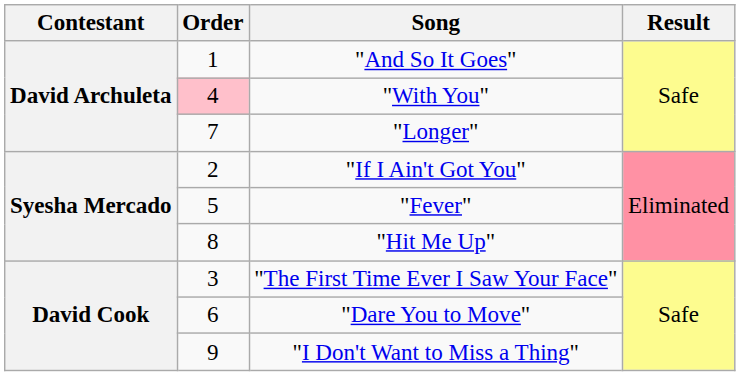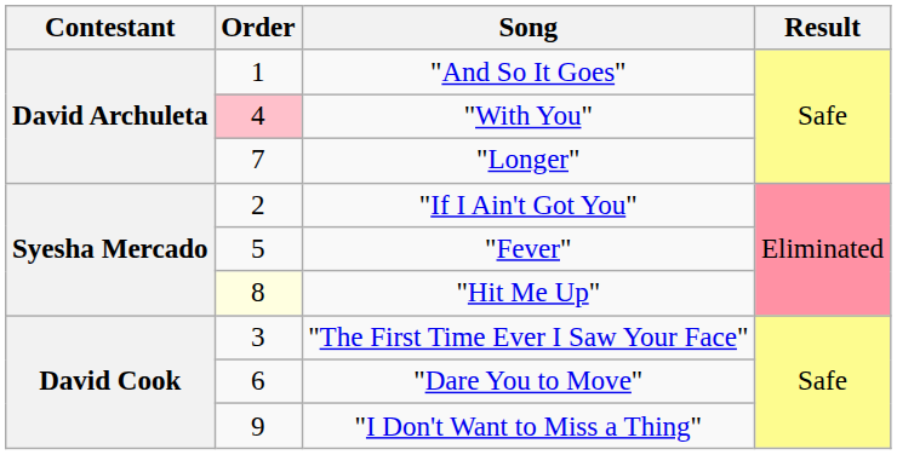 <table class="wikitable unsortable" style="text-align:center;">
 <tr>
 <th scope="col">Contestant</th>
 <th scope="col">Order</th>
 <th scope="col">Song</th>
 <th scope="col">Result</th>
 </tr>
 <tr>
 <th scope="row" rowspan="3">David Archuleta</th>
 <td>1</td>
 <td>"<a href='#'>And So It Goes</a>"</td>
 <td rowspan="3" style="background:#FDFC8F">Safe</td>
 </tr>
 <tr>
 <td style="background: pink;">4</td>
 <td>"<a href='#'>With You</a>"</td>
 </tr>
 <tr>
 <td>7</td>
 <td>"<a href='#'>Longer</a>"</td>
 </tr>
 <tr>
 <th scope="row" rowspan="3">Syesha Mercado</th>
 <td>2</td>
 <td>"<a href='#'>If I Ain't Got You</a>"</td>
 <td rowspan="3" bgcolor="FF91A4">Eliminated</td>
 </tr>
 <tr>
 <td>5</td>
 <td>"<a href='#'>Fever</a>"</td>
 </tr>
 <tr>
-<td>8</td>
+<td style="background: lightyellow;">8</td>
 <td>"<a href='#'>Hit Me Up</a>"</td>
 </tr>
 <tr>
 <th scope="row" rowspan="3">David Cook</th>
 <td>3</td>
 <td>"<a href='#'>The First Time Ever I Saw Your Face</a>"</td>
 <td rowspan="3" style="background:#FDFC8F">Safe</td>
 </tr>
 <tr>
 <td>6</td>
 <td>"<a href='#'>Dare You to Move</a>"</td>
 </tr>
 <tr>
 <td>9</td>
 <td>"<a href='#'>I Don't Want to Miss a Thing</a>"</td>
 </tr>
 </table>
